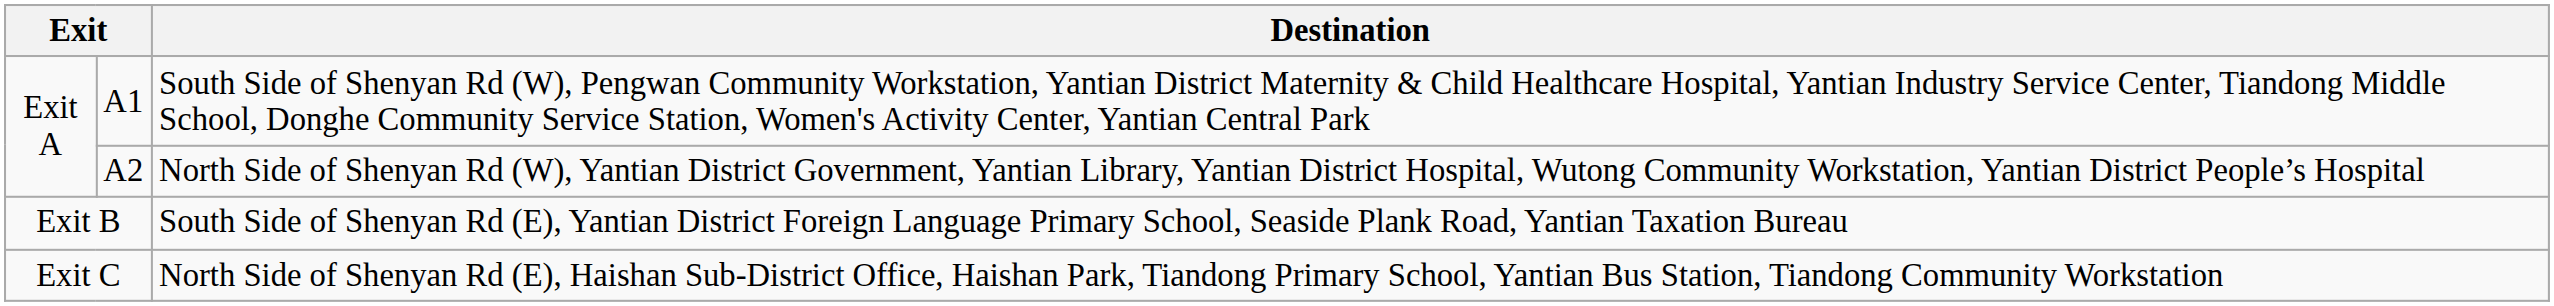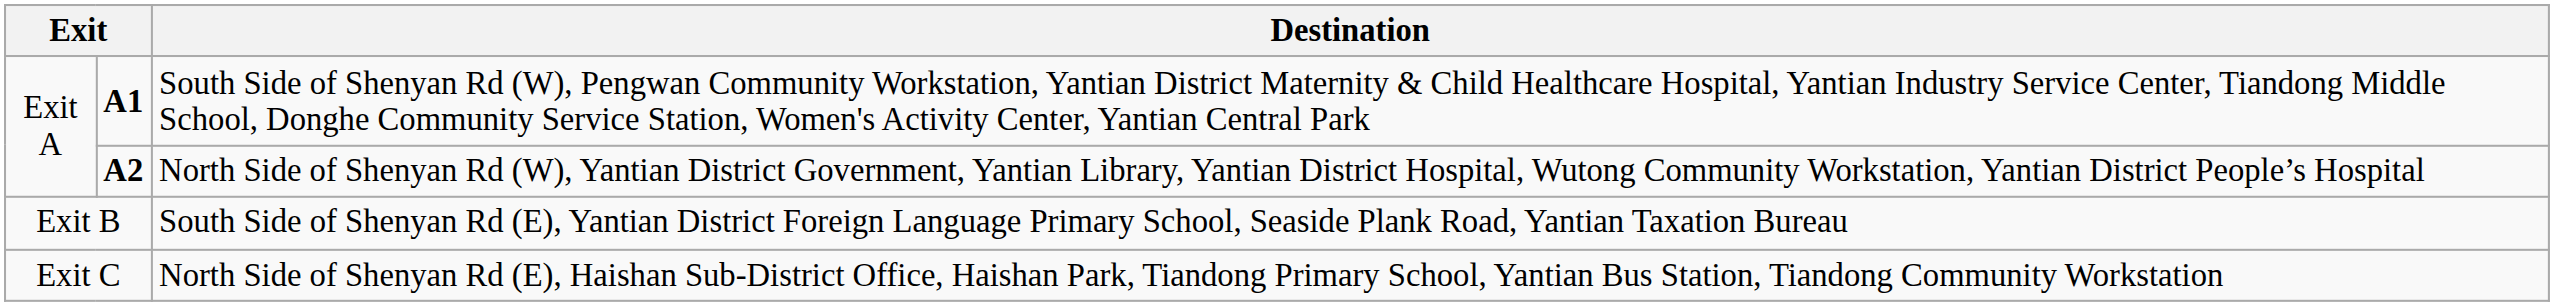 <table class="wikitable">
 <tr>
 <th style="width:70px" colspan="2">Exit</th>
 <th>Destination</th>
 </tr>
 <tr>
 <td align="center" rowspan="2">Exit A</td>
-<td>A1</td>
+<td><strong>A1</strong></td>
 <td>South Side of Shenyan Rd (W), Pengwan Community Workstation, Yantian District Maternity & Child Healthcare Hospital, Yantian Industry Service Center, Tiandong Middle School, Donghe Community Service Station, Women's Activity Center, Yantian Central Park</td>
 </tr>
 <tr>
-<td>A2</td>
+<td><strong>A2</strong></td>
 <td>North Side of Shenyan Rd (W), Yantian District Government, Yantian Library, Yantian District Hospital, Wutong Community Workstation, Yantian District People’s Hospital</td>
 </tr>
 <tr>
 <td align="center" colspan="2">Exit B</td>
 <td>South Side of Shenyan Rd (E), Yantian District Foreign Language Primary School, Seaside Plank Road, Yantian Taxation Bureau</td>
 </tr>
 <tr>
 <td align="center" colspan="2">Exit C</td>
 <td>North Side of Shenyan Rd (E), Haishan Sub-District Office, Haishan Park, Tiandong Primary School, Yantian Bus Station, Tiandong Community Workstation</td>
 </tr>
 </table>
